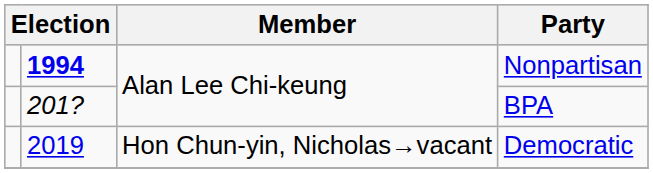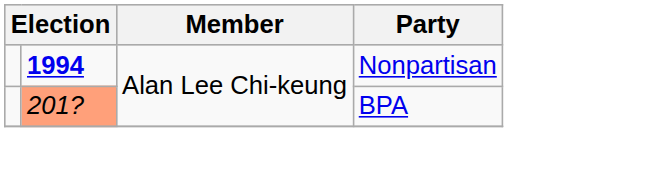 <table class="wikitable">
 <tr>
 <th colspan="2">Election</th>
 <th>Member</th>
 <th>Party</th>
 </tr>
 <tr>
 <td style="background-color: "></td>
 <td><strong><a href='#'>1994</a></strong></td>
 <td rowspan=2>Alan Lee Chi-keung</td>
 <td><a href='#'>Nonpartisan</a></td>
 </tr>
 <tr>
 <td style="background-color: "></td>
-<td><em>201?</em></td>
+<td style="background: lightsalmon;"><em>201?</em></td>
 <td><a href='#'>BPA</a></td>
-</tr>
-<tr>
-<td style="background-color: "></td>
-<td><a href='#'>2019</a></td>
-<td>Hon Chun-yin, Nicholas→vacant</td>
-<td><a href='#'>Democratic</a></td>
 </tr>
 <tr>
 </tr>
 </table>
